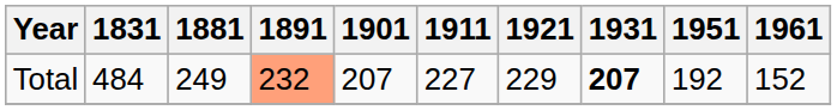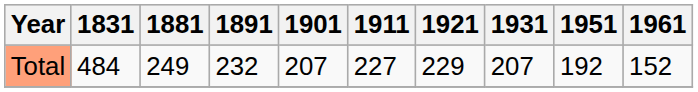 <table class="wikitable">
 <tr>
 <th>Year</th>
 <th>1831</th>
 <th>1881</th>
 <th>1891</th>
 <th>1901</th>
 <th>1911</th>
 <th>1921</th>
 <th>1931</th>
 <th>1951</th>
 <th>1961</th>
 </tr>
 <tr>
-<td>Total</td>
+<td style="background: lightsalmon;">Total</td>
 <td>484</td>
 <td>249</td>
-<td style="background: lightsalmon;">232</td>
+<td>232</td>
 <td>207</td>
 <td>227</td>
 <td>229</td>
-<td><strong>207</strong></td>
+<td>207</td>
 <td>192</td>
 <td>152</td>
 </tr>
 <tr>
 </tr>
 </table>
